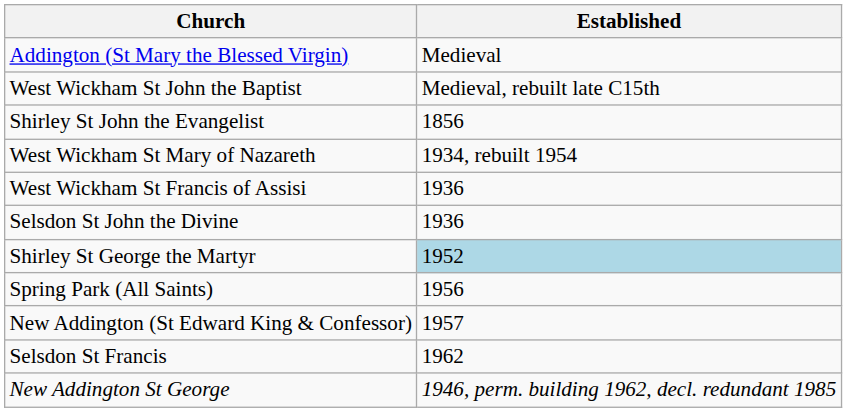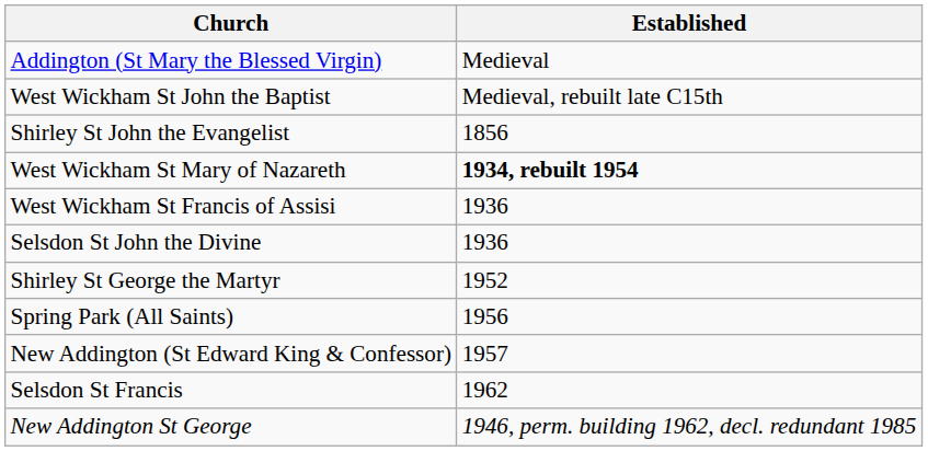 <table class="wikitable">
 <tr>
 <th>Church</th>
 <th>Established</th>
 </tr>
 <tr>
 <td><a href='#'>Addington (St Mary the Blessed Virgin)</a></td>
 <td>Medieval</td>
 </tr>
 <tr>
 <td>West Wickham St John the Baptist</td>
 <td>Medieval, rebuilt late C15th</td>
 </tr>
 <tr>
 <td>Shirley St John the Evangelist</td>
 <td>1856</td>
 </tr>
 <tr>
 <td>West Wickham St Mary of Nazareth</td>
-<td>1934, rebuilt 1954</td>
+<td><strong>1934, rebuilt 1954</strong></td>
 </tr>
 <tr>
 <td>West Wickham St Francis of Assisi</td>
 <td>1936</td>
 </tr>
 <tr>
 <td>Selsdon St John the Divine</td>
 <td>1936</td>
 </tr>
 <tr>
 <td>Shirley St George the Martyr</td>
-<td style="background: lightblue;">1952</td>
+<td>1952</td>
 </tr>
 <tr>
 <td>Spring Park (All Saints)</td>
 <td>1956</td>
 </tr>
 <tr>
 <td>New Addington (St Edward King & Confessor)</td>
 <td>1957</td>
 </tr>
 <tr>
 <td>Selsdon St Francis</td>
 <td>1962</td>
 </tr>
 <tr>
 <td><em>New Addington St George</em></td>
 <td><em>1946, perm. building 1962, decl. redundant 1985</em></td>
 </tr>
 </table>
